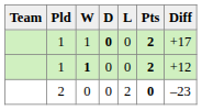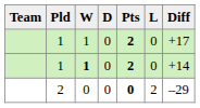 <table style=border-collapse:collapse border=1 cellspacing=0 cellpadding=5>
 <tr align=center bgcolor=#efefef>
 <th>Team</th>
 <th>Pld</th>
 <th>W</th>
 <th>D</th>
+<th>Pts</th>
 <th>L</th>
-<th>Pts</th>
 <th>Diff</th>
 </tr>
 <tr align=center style="background:#D0F0C0;">
 <td style="text-align:left;"> </td>
 <td>1</td>
 <td>1</td>
-<td><strong>0</strong></td>
 <td>0</td>
 <td><strong>2</strong></td>
+<td>0</td>
 <td>+17</td>
 </tr>
 <tr align=center style="background:#D0F0C0;">
 <td style="text-align:left;"> </td>
 <td>1</td>
 <td><strong>1</strong></td>
 <td>0</td>
+<td><strong>2</strong></td>
 <td>0</td>
-<td><strong>2</strong></td>
-<td>+12</td>
+<td>+14</td>
 </tr>
 <tr align=center style="background:#FFFFFF;">
 <td style="text-align:left;"> </td>
 <td>2</td>
 <td>0</td>
 <td>0</td>
+<td><strong>0</strong></td>
 <td>2</td>
-<td><strong>0</strong></td>
-<td>–23</td>
+<td>–29</td>
 </tr>
 </table>
